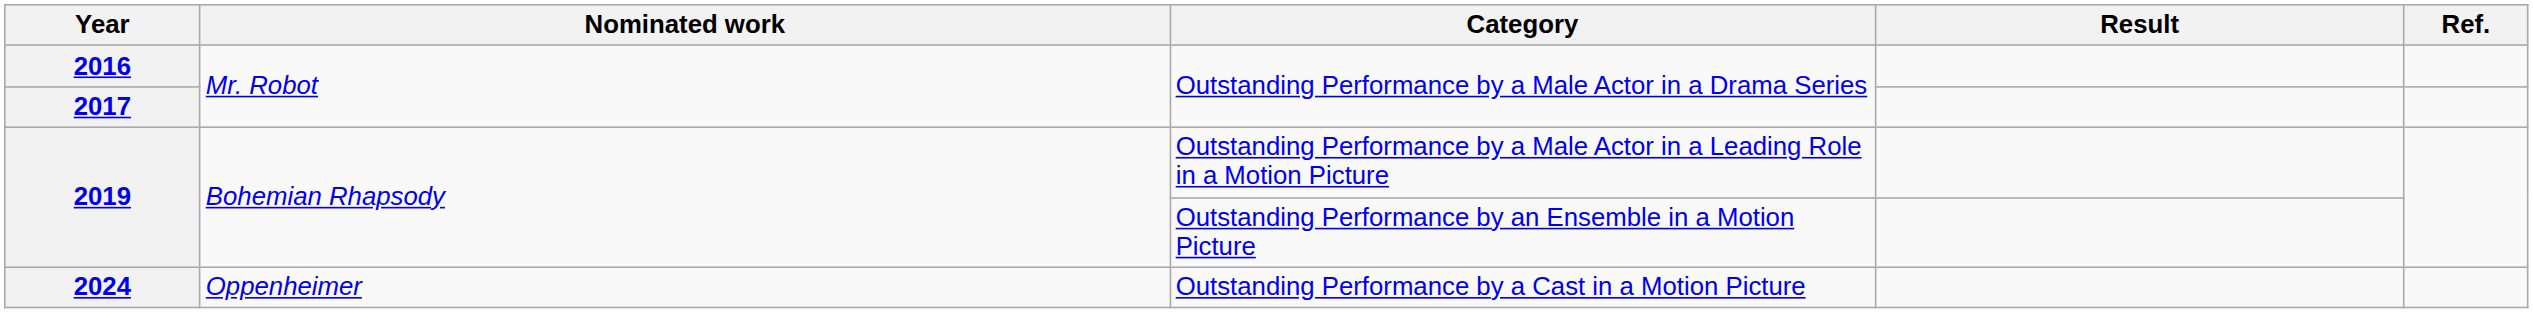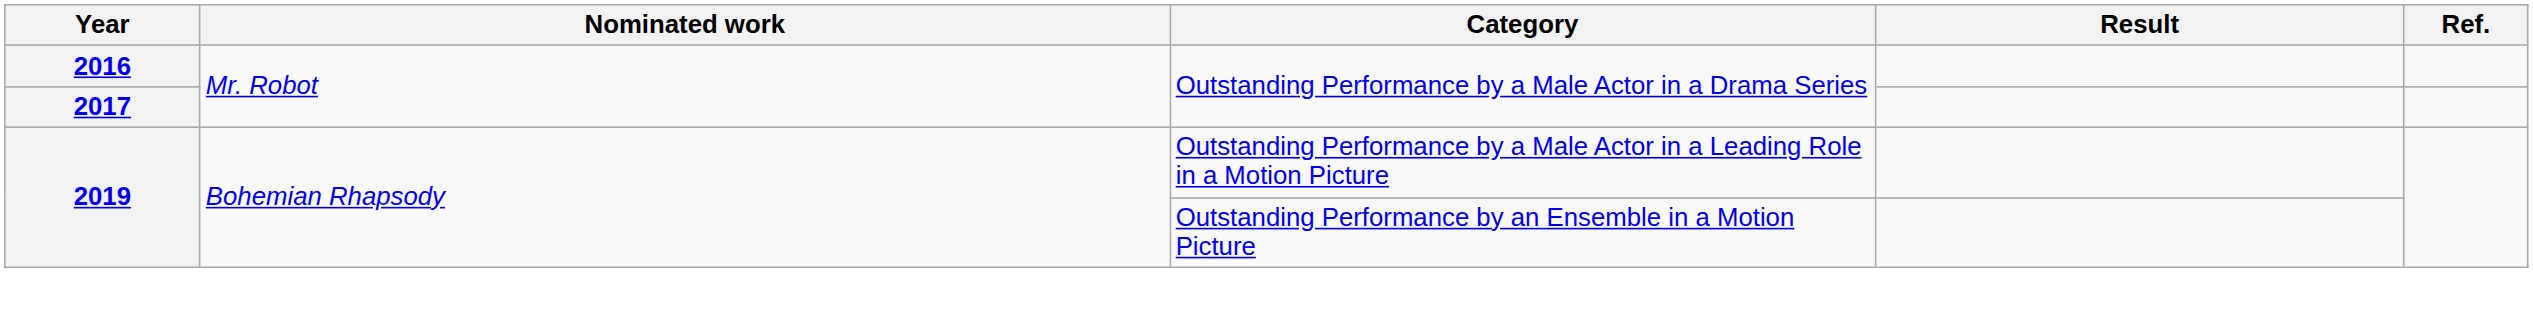 <table class="wikitable">
 <tr>
 <th width=2%>Year</th>
 <th width=11%>Nominated work</th>
 <th width=8%>Category</th>
 <th width=6%>Result</th>
 <th width=1%>Ref.</th>
 </tr>
 <tr>
 <th scope=row><a href='#'>2016</a></th>
 <td rowspan="2"><em><a href='#'>Mr. Robot</a></em></td>
 <td rowspan="2"><a href='#'>Outstanding Performance by a Male Actor in a Drama Series</a></td>
 <td></td>
 <td style="text-align:center;"></td>
 </tr>
 <tr>
 <th scope=row><a href='#'>2017</a></th>
 <td></td>
 <td style="text-align:center;"></td>
 </tr>
 <tr>
 <th scope=row rowspan="2"><a href='#'>2019</a></th>
 <td rowspan="2"><em><a href='#'>Bohemian Rhapsody</a></em></td>
 <td><a href='#'>Outstanding Performance by a Male Actor in a Leading Role in a Motion Picture</a></td>
 <td></td>
 <td rowspan="2" style="text-align:center;"></td>
 </tr>
 <tr>
 <td><a href='#'>Outstanding Performance by an Ensemble in a Motion Picture</a></td>
 <td></td>
 </tr>
-<tr>
-<th><a href='#'>2024</a></th>
-<td><em><a href='#'>Oppenheimer</a></em></td>
-<td><a href='#'>Outstanding Performance by a Cast in a Motion Picture</a></td>
-<td></td>
-<td align="center"></td>
-</tr>
 </table>
